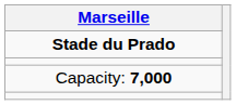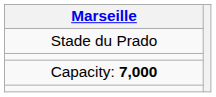 <table class="wikitable" style="text-align:center">
 <tr>
 <th width=200><a href='#'>Marseille</a> <br></th>
 <th rowspan=5 colspan=2></th>
 </tr>
 <tr>
-<td><strong>Stade du Prado</strong></td>
+<td>Stade du Prado</td>
 </tr>
 <tr>
 <td><small></small></td>
 </tr>
 <tr>
 <td>Capacity: <strong>7,000</strong></td>
 </tr>
 <tr>
 <td></td>
 </tr>
 </table>
